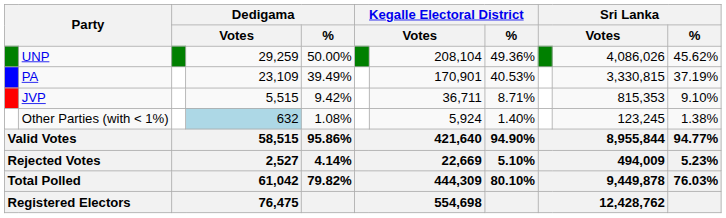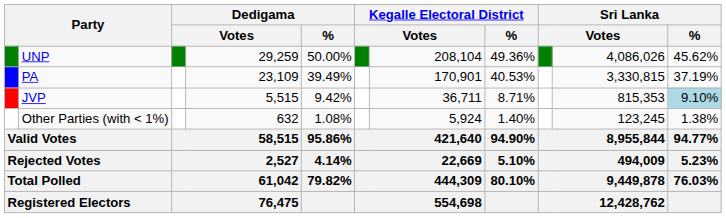 <table class="wikitable">
 <tr>
 <th colspan="2" width="144px"rowspan="2">Party</th>
 <th colspan="3" width="216px">Dedigama</th>
 <th colspan="3" width="216px"><a href='#'>Kegalle Electoral District</a></th>
 <th colspan="3" width="216px">Sri Lanka</th>
 </tr>
 <tr>
 <th colspan="2" width="144px">Votes</th>
 <th>%</th>
 <th colspan="2" width="144px">Votes</th>
 <th>%</th>
 <th colspan="2" width="144px">Votes</th>
 <th>%</th>
 </tr>
 <tr>
 <td style="background-color:green;" width="10px"></td>
 <td style="text-align:left;"><a href='#'>UNP</a></td>
 <td style="background-color:green;" width="10px"></td>
 <td style="text-align:right;">29,259</td>
 <td style="text-align:right;">50.00%</td>
 <td style="background-color:green;" width="10px"></td>
 <td style="text-align:right;">208,104</td>
 <td style="text-align:right;">49.36%</td>
 <td style="background-color:green;" width="10px"></td>
 <td style="text-align:right;">4,086,026</td>
 <td style="text-align:right;">45.62%</td>
 </tr>
 <tr>
 <td style="background-color:blue;" width="10px"></td>
 <td style="text-align:left;"><a href='#'>PA</a></td>
 <td style="background-color:white;" width="10px"></td>
 <td style="text-align:right;">23,109</td>
 <td style="text-align:right;">39.49%</td>
 <td style="background-color:white;" width="10px"></td>
 <td style="text-align:right;">170,901</td>
 <td style="text-align:right;">40.53%</td>
 <td style="background-color:white;" width="10px"></td>
 <td style="text-align:right;">3,330,815</td>
 <td style="text-align:right;">37.19%</td>
 </tr>
 <tr>
 <td style="background-color:red;" width="10px"></td>
 <td style="text-align:left;"><a href='#'>JVP</a></td>
 <td style="background-color:white;" width="10px"></td>
 <td style="text-align:right;">5,515</td>
 <td style="text-align:right;">9.42%</td>
 <td style="background-color:white;" width="10px"></td>
 <td style="text-align:right;">36,711</td>
 <td style="text-align:right;">8.71%</td>
 <td style="background-color:white;" width="10px"></td>
 <td style="text-align:right;">815,353</td>
-<td style="text-align:right;">9.10%</td>
+<td style="background: lightblue; text-align:right;">9.10%</td>
 </tr>
 <tr>
 <td style="background-color:white;" width="10px"></td>
 <td style="text-align:left;">Other Parties (with < 1%)</td>
 <td style="background-color:white;" width="10px"></td>
-<td style="background: lightblue; text-align:right;">632</td>
+<td style="text-align:right;">632</td>
 <td style="text-align:right;">1.08%</td>
 <td style="background-color:white;" width="10px"></td>
 <td style="text-align:right;">5,924</td>
 <td style="text-align:right;">1.40%</td>
 <td style="background-color:white;" width="10px"></td>
 <td style="text-align:right;">123,245</td>
 <td style="text-align:right;">1.38%</td>
 </tr>
 <tr>
 <th colspan="2" width="144px"style="text-align:left;">Valid Votes</th>
 <th style="text-align:right;"colspan="2" width="144px">58,515</th>
 <th style="text-align:right;">95.86%</th>
 <th style="text-align:right;"colspan="2" width="144px">421,640</th>
 <th style="text-align:right;">94.90%</th>
 <th style="text-align:right;"colspan="2" width="144px">8,955,844</th>
 <th style="text-align:right;">94.77%</th>
 </tr>
 <tr>
 <th colspan="2" width="144px"style="text-align:left;">Rejected Votes</th>
 <th style="text-align:right;"colspan="2" width="144px">2,527</th>
 <th style="text-align:right;">4.14%</th>
 <th style="text-align:right;"colspan="2" width="144px">22,669</th>
 <th style="text-align:right;">5.10%</th>
 <th style="text-align:right;"colspan="2" width="144px">494,009</th>
 <th style="text-align:right;">5.23%</th>
 </tr>
 <tr>
 <th colspan="2" width="144px"style="text-align:left;">Total Polled</th>
 <th style="text-align:right;"colspan="2" width="144px">61,042</th>
 <th style="text-align:right;">79.82%</th>
 <th style="text-align:right;"colspan="2" width="144px">444,309</th>
 <th style="text-align:right;">80.10%</th>
 <th style="text-align:right;"colspan="2" width="144px">9,449,878</th>
 <th style="text-align:right;">76.03%</th>
 </tr>
 <tr>
 <th colspan="2" width="144px"style="text-align:left;">Registered Electors</th>
 <th style="text-align:right;"colspan="2" width="144px">76,475</th>
 <th></th>
 <th style="text-align:right;"colspan="2" width="144px">554,698</th>
 <th></th>
 <th style="text-align:right;"colspan="2" width="144px">12,428,762</th>
 <th></th>
 </tr>
 </table>
